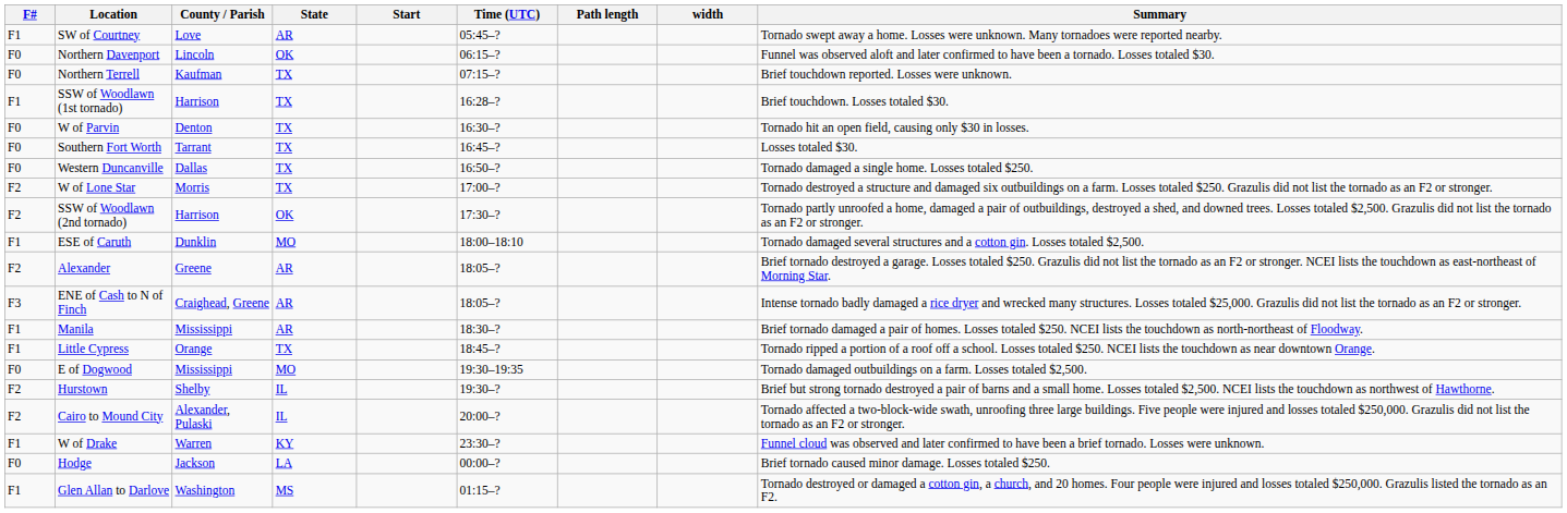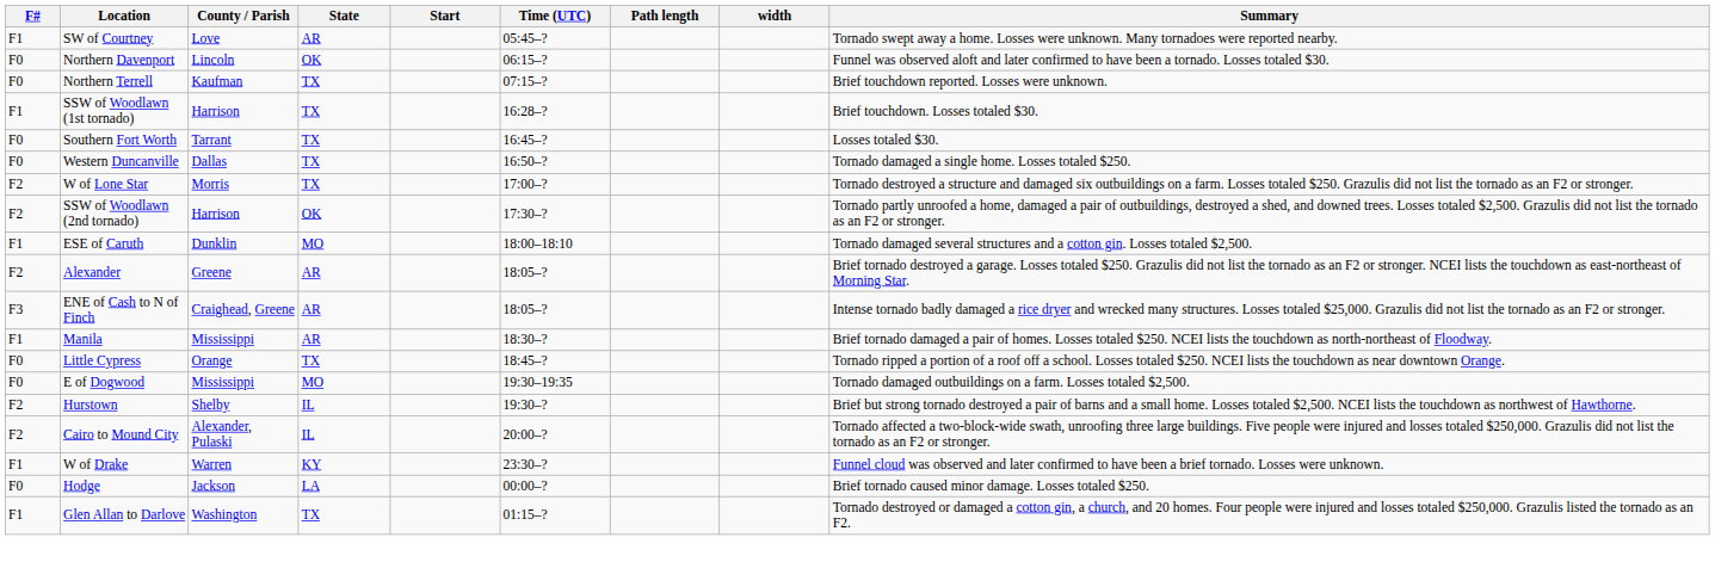 <table class="wikitable sortable" style="width:100%;">
 <tr>
 <th scope="col"  style="width:3%; text-align:center;"><a href='#'>F#</a></th>
 <th scope="col"  style="width:7%; text-align:center;" class="unsortable">Location</th>
 <th scope="col"  style="width:6%; text-align:center;" class="unsortable">County / Parish</th>
 <th scope="col"  style="width:5%; text-align:center;">State</th>
 <th scope="col"  style="width:6%; text-align:center;">Start<br></th>
 <th scope="col"  style="width:6%; text-align:center;">Time (<a href='#'>UTC</a>)</th>
 <th scope="col"  style="width:6%; text-align:center;">Path length</th>
 <th scope="col"  style="width:6%; text-align:center;"> width</th>
 <th scope="col" class="unsortable" style="width:48%; text-align:center;">Summary</th>
 </tr>
 <tr>
 <td>F1</td>
 <td>SW of <a href='#'>Courtney</a></td>
 <td><a href='#'>Love</a></td>
 <td><a href='#'>AR</a></td>
 <td></td>
 <td>05:45–?</td>
 <td></td>
 <td></td>
 <td>Tornado swept away a home. Losses were unknown. Many tornadoes were reported nearby.</td>
 </tr>
 <tr>
 <td>F0</td>
 <td>Northern <a href='#'>Davenport</a></td>
 <td><a href='#'>Lincoln</a></td>
 <td><a href='#'>OK</a></td>
 <td></td>
 <td>06:15–?</td>
 <td></td>
 <td></td>
 <td>Funnel was observed aloft and later confirmed to have been a tornado. Losses totaled $30.</td>
 </tr>
 <tr>
 <td>F0</td>
 <td>Northern <a href='#'>Terrell</a></td>
 <td><a href='#'>Kaufman</a></td>
 <td><a href='#'>TX</a></td>
 <td></td>
 <td>07:15–?</td>
 <td></td>
 <td></td>
 <td>Brief touchdown reported. Losses were unknown.</td>
 </tr>
 <tr>
 <td>F1</td>
 <td>SSW of <a href='#'>Woodlawn</a> (1st tornado)</td>
 <td><a href='#'>Harrison</a></td>
 <td><a href='#'>TX</a></td>
 <td></td>
 <td>16:28–?</td>
 <td></td>
 <td></td>
 <td>Brief touchdown. Losses totaled $30.</td>
-</tr>
-<tr>
-<td>F0</td>
-<td>W of <a href='#'>Parvin</a></td>
-<td><a href='#'>Denton</a></td>
-<td><a href='#'>TX</a></td>
-<td></td>
-<td>16:30–?</td>
-<td></td>
-<td></td>
-<td>Tornado hit an open field, causing only $30 in losses.</td>
 </tr>
 <tr>
 <td>F0</td>
 <td>Southern <a href='#'>Fort Worth</a></td>
 <td><a href='#'>Tarrant</a></td>
 <td><a href='#'>TX</a></td>
 <td></td>
 <td>16:45–?</td>
 <td></td>
 <td></td>
 <td>Losses totaled $30.</td>
 </tr>
 <tr>
 <td>F0</td>
 <td>Western <a href='#'>Duncanville</a></td>
 <td><a href='#'>Dallas</a></td>
 <td><a href='#'>TX</a></td>
 <td></td>
 <td>16:50–?</td>
 <td></td>
 <td></td>
 <td>Tornado damaged a single home. Losses totaled $250.</td>
 </tr>
 <tr>
 <td>F2</td>
 <td>W of <a href='#'>Lone Star</a></td>
 <td><a href='#'>Morris</a></td>
 <td><a href='#'>TX</a></td>
 <td></td>
 <td>17:00–?</td>
 <td></td>
 <td></td>
 <td>Tornado destroyed a structure and damaged six outbuildings on a farm. Losses totaled $250. Grazulis did not list the tornado as an F2 or stronger.</td>
 </tr>
 <tr>
 <td>F2</td>
 <td>SSW of <a href='#'>Woodlawn</a> (2nd tornado)</td>
 <td><a href='#'>Harrison</a></td>
 <td><a href='#'>OK</a></td>
 <td></td>
 <td>17:30–?</td>
 <td></td>
 <td></td>
 <td>Tornado partly unroofed a home, damaged a pair of outbuildings, destroyed a shed, and downed trees. Losses totaled $2,500. Grazulis did not list the tornado as an F2 or stronger.</td>
 </tr>
 <tr>
 <td>F1</td>
 <td>ESE of <a href='#'>Caruth</a></td>
 <td><a href='#'>Dunklin</a></td>
 <td><a href='#'>MO</a></td>
 <td></td>
 <td>18:00–18:10</td>
 <td></td>
 <td></td>
 <td>Tornado damaged several structures and a <a href='#'>cotton gin</a>. Losses totaled $2,500.</td>
 </tr>
 <tr>
 <td>F2</td>
 <td><a href='#'>Alexander</a></td>
 <td><a href='#'>Greene</a></td>
 <td><a href='#'>AR</a></td>
 <td></td>
 <td>18:05–?</td>
 <td></td>
 <td></td>
 <td>Brief tornado destroyed a garage. Losses totaled $250. Grazulis did not list the tornado as an F2 or stronger. NCEI lists the touchdown as east-northeast of <a href='#'>Morning Star</a>.</td>
 </tr>
 <tr>
 <td>F3</td>
 <td>ENE of <a href='#'>Cash</a> to N of <a href='#'>Finch</a></td>
 <td><a href='#'>Craighead</a>, <a href='#'>Greene</a></td>
 <td><a href='#'>AR</a></td>
 <td></td>
 <td>18:05–?</td>
 <td></td>
 <td></td>
 <td>Intense tornado badly damaged a <a href='#'>rice dryer</a> and wrecked many structures. Losses totaled $25,000. Grazulis did not list the tornado as an F2 or stronger.</td>
 </tr>
 <tr>
 <td>F1</td>
 <td><a href='#'>Manila</a></td>
 <td><a href='#'>Mississippi</a></td>
 <td><a href='#'>AR</a></td>
 <td></td>
 <td>18:30–?</td>
 <td></td>
 <td></td>
 <td>Brief tornado damaged a pair of homes. Losses totaled $250. NCEI lists the touchdown as north-northeast of <a href='#'>Floodway</a>.</td>
 </tr>
 <tr>
-<td>F1</td>
+<td>F0</td>
 <td><a href='#'>Little Cypress</a></td>
 <td><a href='#'>Orange</a></td>
 <td><a href='#'>TX</a></td>
 <td></td>
 <td>18:45–?</td>
 <td></td>
 <td></td>
 <td>Tornado ripped a  portion of a roof off a school. Losses totaled $250. NCEI lists the touchdown as near downtown <a href='#'>Orange</a>.</td>
 </tr>
 <tr>
 <td>F0</td>
 <td>E of <a href='#'>Dogwood</a></td>
 <td><a href='#'>Mississippi</a></td>
 <td><a href='#'>MO</a></td>
 <td></td>
 <td>19:30–19:35</td>
 <td></td>
 <td></td>
 <td>Tornado damaged outbuildings on a farm. Losses totaled $2,500.</td>
 </tr>
 <tr>
 <td>F2</td>
 <td><a href='#'>Hurstown</a></td>
 <td><a href='#'>Shelby</a></td>
 <td><a href='#'>IL</a></td>
 <td></td>
 <td>19:30–?</td>
 <td></td>
 <td></td>
 <td>Brief but strong tornado destroyed a pair of barns and a small home. Losses totaled $2,500. NCEI lists the touchdown as northwest of <a href='#'>Hawthorne</a>.</td>
 </tr>
 <tr>
 <td>F2</td>
 <td><a href='#'>Cairo</a> to <a href='#'>Mound City</a></td>
 <td><a href='#'>Alexander</a>, <a href='#'>Pulaski</a></td>
 <td><a href='#'>IL</a></td>
 <td></td>
 <td>20:00–?</td>
 <td></td>
 <td></td>
 <td>Tornado affected a two-block-wide swath, unroofing three large buildings. Five people were injured and losses totaled $250,000. Grazulis did not list the tornado as an F2 or stronger.</td>
 </tr>
 <tr>
 <td>F1</td>
 <td>W of <a href='#'>Drake</a></td>
 <td><a href='#'>Warren</a></td>
 <td><a href='#'>KY</a></td>
 <td></td>
 <td>23:30–?</td>
 <td></td>
 <td></td>
 <td><a href='#'>Funnel cloud</a> was observed and later confirmed to have been a brief tornado. Losses were unknown.</td>
 </tr>
 <tr>
 <td>F0</td>
 <td><a href='#'>Hodge</a></td>
 <td><a href='#'>Jackson</a></td>
 <td><a href='#'>LA</a></td>
 <td></td>
 <td>00:00–?</td>
 <td></td>
 <td></td>
 <td>Brief tornado caused minor damage. Losses totaled $250.</td>
 </tr>
 <tr>
 <td>F1</td>
 <td><a href='#'>Glen Allan</a> to <a href='#'>Darlove</a></td>
 <td><a href='#'>Washington</a></td>
-<td><a href='#'>MS</a></td>
+<td><a href='#'>TX</a></td>
 <td></td>
 <td>01:15–?</td>
 <td></td>
 <td></td>
 <td>Tornado destroyed or damaged a <a href='#'>cotton gin</a>, a <a href='#'>church</a>, and 20 homes. Four people were injured and losses totaled $250,000. Grazulis listed the tornado as an F2.</td>
 </tr>
 </table>
